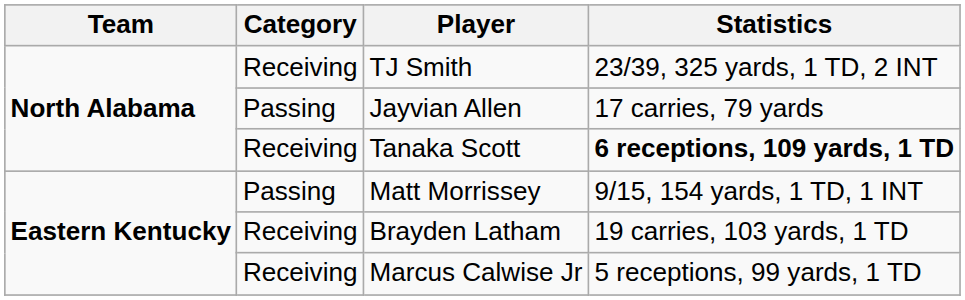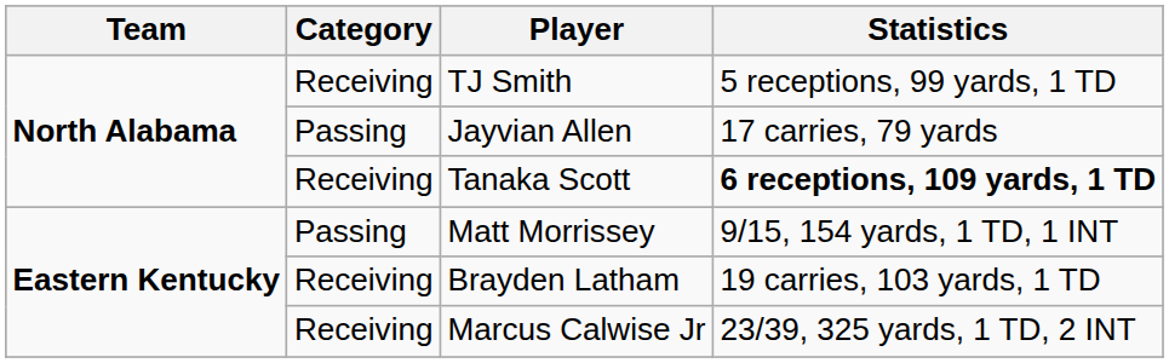 <table class="wikitable" style="float: right;">
 <tr>
 <th>Team</th>
 <th>Category</th>
 <th>Player</th>
 <th>Statistics</th>
 </tr>
 <tr>
 <td rowspan=3><strong>North Alabama</strong></td>
 <td>Receiving</td>
 <td>TJ Smith</td>
-<td>23/39, 325 yards, 1 TD, 2 INT</td>
+<td>5 receptions, 99 yards, 1 TD</td>
 </tr>
 <tr>
 <td>Passing</td>
 <td>Jayvian Allen</td>
 <td>17 carries, 79 yards</td>
 </tr>
 <tr>
 <td>Receiving</td>
 <td>Tanaka Scott</td>
 <td><strong>6 receptions, 109 yards, 1 TD</strong></td>
 </tr>
 <tr>
 <td rowspan=3><strong>Eastern Kentucky</strong></td>
 <td>Passing</td>
 <td>Matt Morrissey</td>
 <td>9/15, 154 yards, 1 TD, 1 INT</td>
 </tr>
 <tr>
 <td>Receiving</td>
 <td>Brayden Latham</td>
 <td>19 carries, 103 yards, 1 TD</td>
 </tr>
 <tr>
 <td>Receiving</td>
 <td>Marcus Calwise Jr</td>
-<td>5 receptions, 99 yards, 1 TD</td>
+<td>23/39, 325 yards, 1 TD, 2 INT</td>
 </tr>
 </table>
